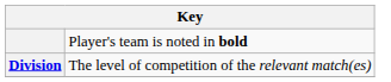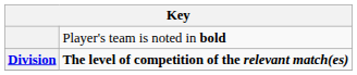 <table class="wikitable plainrowheaders">
 <tr>
 <th colspan="2" scope="col">Key</th>
 </tr>
 <tr>
 <th></th>
 <td>Player's team is noted in <strong>bold</strong></td>
 </tr>
 <tr>
 <th><a href='#'>Division</a></th>
-<td>The level of competition of the <em>relevant match(es)</em></td>
+<td><strong>The level of competition of the <em>relevant match(es)</em></strong></td>
 </tr>
 <tr>
 </tr>
 </table>
